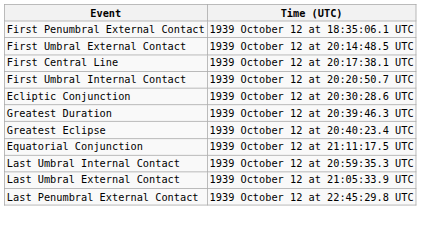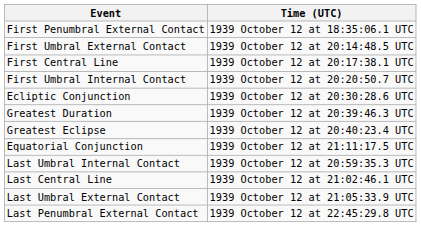 <table class="wikitable">
 <tr>
 <th>Event</th>
 <th>Time (UTC)</th>
 </tr>
 <tr>
 <td>First Penumbral External Contact</td>
 <td>1939 October 12 at 18:35:06.1 UTC</td>
 </tr>
 <tr>
 <td>First Umbral External Contact</td>
 <td>1939 October 12 at 20:14:48.5 UTC</td>
 </tr>
 <tr>
 <td>First Central Line</td>
 <td>1939 October 12 at 20:17:38.1 UTC</td>
 </tr>
 <tr>
 <td>First Umbral Internal Contact</td>
 <td>1939 October 12 at 20:20:50.7 UTC</td>
 </tr>
 <tr>
 <td>Ecliptic Conjunction</td>
 <td>1939 October 12 at 20:30:28.6 UTC</td>
 </tr>
 <tr>
 <td>Greatest Duration</td>
 <td>1939 October 12 at 20:39:46.3 UTC</td>
 </tr>
 <tr>
 <td>Greatest Eclipse</td>
 <td>1939 October 12 at 20:40:23.4 UTC</td>
 </tr>
 <tr>
 <td>Equatorial Conjunction</td>
 <td>1939 October 12 at 21:11:17.5 UTC</td>
 </tr>
 <tr>
 <td>Last Umbral Internal Contact</td>
 <td>1939 October 12 at 20:59:35.3 UTC</td>
 </tr>
 <tr>
+<td>Last Central Line</td>
+<td>1939 October 12 at 21:02:46.1 UTC</td>
+</tr>
+<tr>
 <td>Last Umbral External Contact</td>
 <td>1939 October 12 at 21:05:33.9 UTC</td>
 </tr>
 <tr>
 <td>Last Penumbral External Contact</td>
 <td>1939 October 12 at 22:45:29.8 UTC</td>
 </tr>
 </table>
